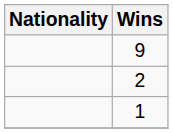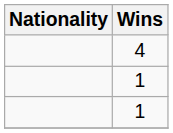 <table class="wikitable sortable">
 <tr>
 <th>Nationality</th>
 <th>Wins</th>
 </tr>
 <tr>
 <td></td>
-<td align="center">9</td>
+<td align="center">4</td>
 </tr>
 <tr>
 <td></td>
-<td align="center">2</td>
+<td align="center">1</td>
 </tr>
 <tr>
 <td></td>
 <td align="center">1</td>
 </tr>
 <tr>
 </tr>
 </table>
